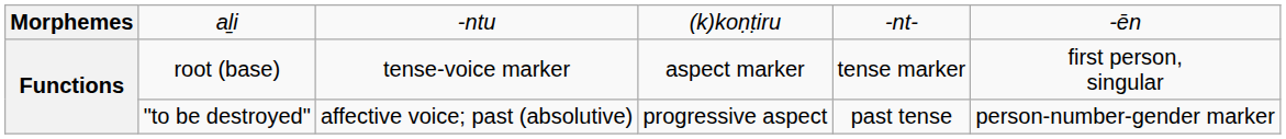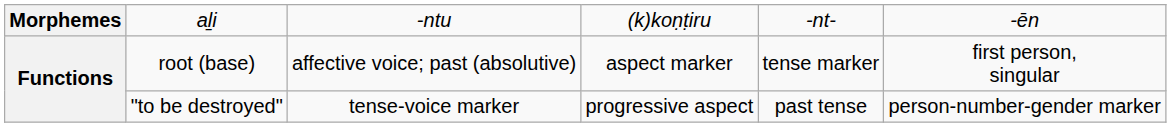 <table class="wikitable" style="text-align: center">
 <tr>
 <th scope="row">Morphemes</th>
 <td><em>aḻi</em></td>
 <td><em>-ntu</em></td>
 <td><em>(k)koṇṭiru</em></td>
 <td><em>-nt-</em></td>
 <td><em>-ēn</em></td>
 </tr>
 <tr>
 <th scope="row" rowspan="2">Functions</th>
 <td>root (base)</td>
-<td>tense-voice marker</td>
+<td>affective voice; past (absolutive)</td>
 <td>aspect marker</td>
 <td>tense marker</td>
 <td>first person,<br>singular</td>
 </tr>
 <tr>
 <td>"to be destroyed"</td>
-<td>affective voice; past (absolutive)</td>
+<td>tense-voice marker</td>
 <td>progressive aspect</td>
 <td>past tense</td>
 <td>person-number-gender marker</td>
 </tr>
 </table>
